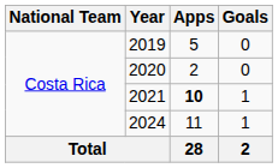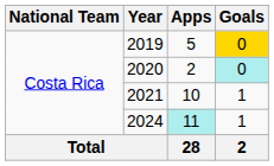 <table class="wikitable" style="text-align:center">
 <tr>
 <th>National Team</th>
 <th>Year</th>
 <th>Apps</th>
 <th>Goals</th>
 </tr>
 <tr>
 <td rowspan=4><a href='#'>Costa Rica</a></td>
 <td>2019</td>
 <td>5</td>
-<td>0</td>
+<td style="background: gold;">0</td>
 </tr>
 <tr>
 <td>2020</td>
 <td>2</td>
-<td>0</td>
+<td style="background: paleturquoise;">0</td>
 </tr>
 <tr>
 <td>2021</td>
-<td><strong>10</strong></td>
+<td>10</td>
 <td>1</td>
 </tr>
 <tr>
 <td>2024</td>
-<td>11</td>
+<td style="background: paleturquoise;">11</td>
 <td>1</td>
 </tr>
 <tr>
 <th colspan="2">Total</th>
 <th>28</th>
 <th>2</th>
 </tr>
 </table>
